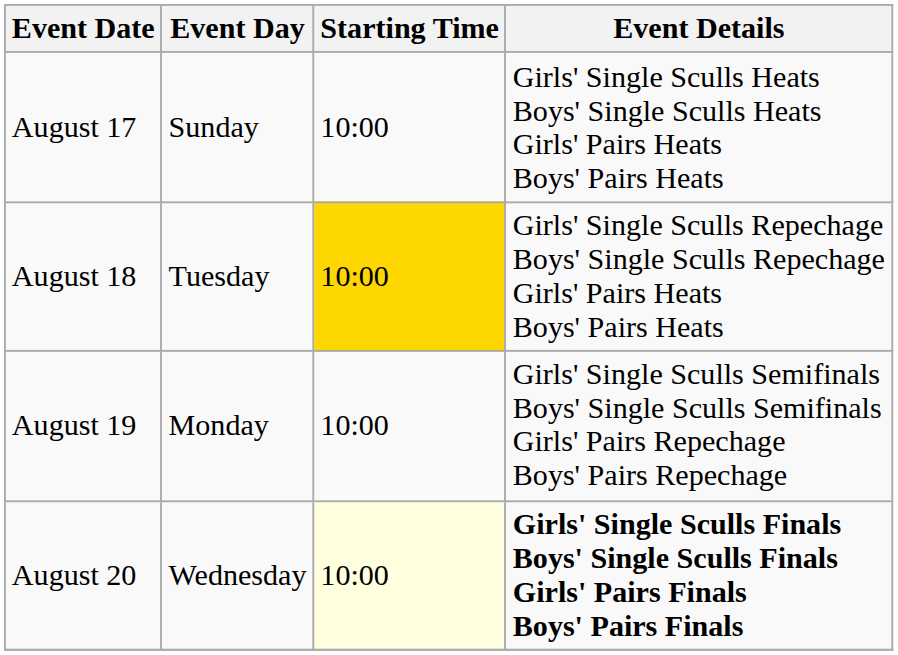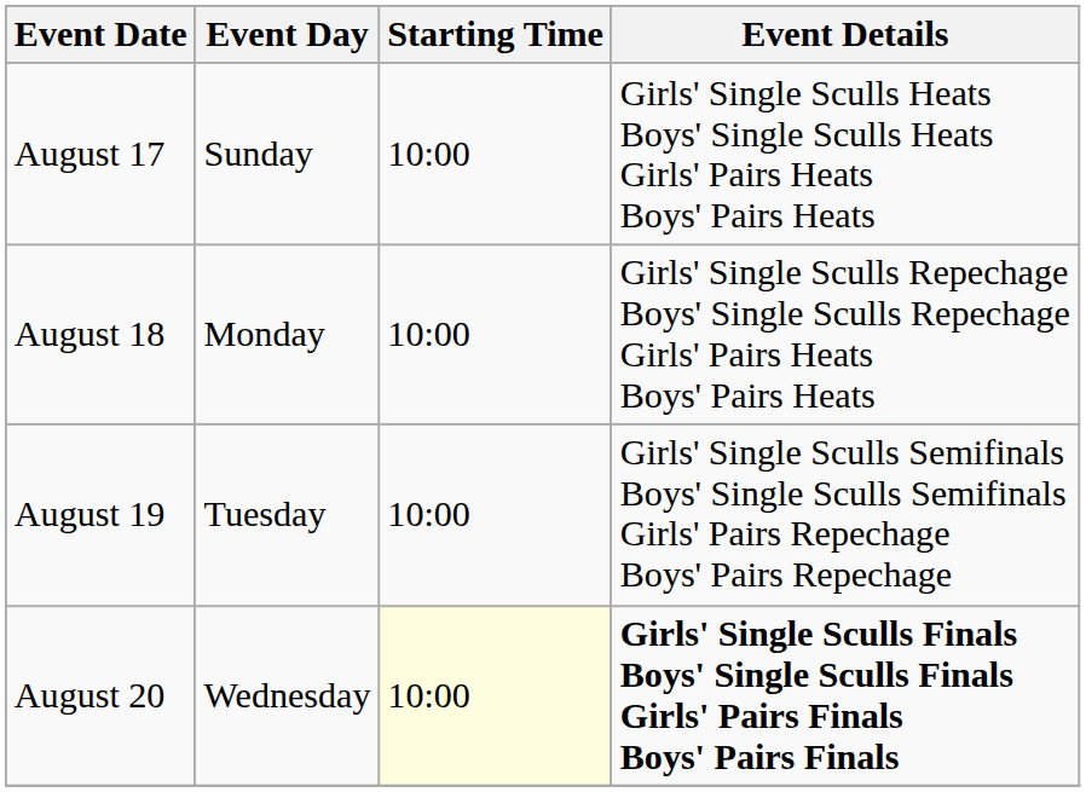 <table class="wikitable">
 <tr>
 <th>Event Date</th>
 <th>Event Day</th>
 <th>Starting Time</th>
 <th>Event Details</th>
 </tr>
 <tr>
 <td>August 17</td>
 <td>Sunday</td>
 <td>10:00</td>
 <td>Girls' Single Sculls Heats<br>Boys' Single Sculls Heats<br>Girls' Pairs Heats<br>Boys' Pairs Heats</td>
 </tr>
 <tr>
 <td>August 18</td>
-<td>Tuesday</td>
-<td style="background: gold;">10:00</td>
+<td>Monday</td>
+<td>10:00</td>
 <td>Girls' Single Sculls Repechage<br>Boys' Single Sculls Repechage<br>Girls' Pairs Heats<br>Boys' Pairs Heats</td>
 </tr>
 <tr>
 <td>August 19</td>
-<td>Monday</td>
+<td>Tuesday</td>
 <td>10:00</td>
 <td>Girls' Single Sculls Semifinals<br>Boys' Single Sculls Semifinals<br>Girls' Pairs Repechage<br>Boys' Pairs Repechage</td>
 </tr>
 <tr>
 <td>August 20</td>
 <td>Wednesday</td>
 <td style="background: lightyellow;">10:00</td>
 <td><strong>Girls' Single Sculls Finals</strong><br><strong>Boys' Single Sculls Finals</strong><br><strong>Girls' Pairs Finals</strong><br><strong>Boys' Pairs Finals</strong></td>
 </tr>
 <tr>
 </tr>
 </table>
